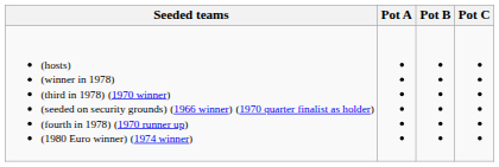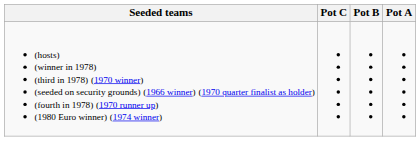 <table class="wikitable">
 <tr>
 <th>Seeded teams<br></th>
+<th>Pot C</th>
+<th>Pot B</th>
 <th>Pot A</th>
-<th>Pot B</th>
-<th>Pot C</th>
 </tr>
 <tr>
 <td valign="top"><br><ul><li> <small>(hosts)</small></li><li> <small>(winner in 1978)</small></li><li> <small>(third in 1978)</small> <small>(<a href='#'>1970 winner</a>)</small></li><li> <small>(seeded on security grounds)</small> <small>(<a href='#'>1966 winner</a>)</small> <small>(<a href='#'>1970 quarter finalist as holder</a>)</small></li><li> <small>(fourth in 1978)</small> <small>(<a href='#'>1970 runner up</a>)</small></li><li> <small>(1980 Euro winner)</small> <small>(<a href='#'>1974 winner</a>)</small></li></ul></td>
 <td valign="top"><br><ul><li></li><li></li><li></li><li></li><li></li><li></li></ul></td>
 <td valign="top"><br><ul><li></li><li></li><li></li><li></li><li></li><li></li></ul></td>
 <td valign="top"><br><ul><li></li><li></li><li></li><li></li><li></li><li></li></ul></td>
 </tr>
 </table>
